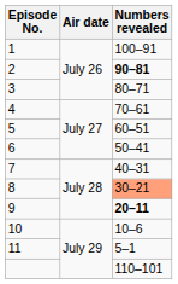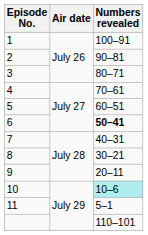 <table class="wikitable">
 <tr>
 <th>Episode<br>No.</th>
 <th>Air date</th>
 <th>Numbers<br>revealed</th>
 </tr>
 <tr>
 <td>1</td>
 <td rowspan=3>July 26</td>
 <td>100–91</td>
 </tr>
 <tr>
 <td>2</td>
-<td><strong>90–81</strong></td>
+<td>90–81</td>
 </tr>
 <tr>
 <td>3</td>
 <td>80–71</td>
 </tr>
 <tr>
 <td>4</td>
 <td rowspan=3>July 27</td>
 <td>70–61</td>
 </tr>
 <tr>
 <td>5</td>
 <td>60–51</td>
 </tr>
 <tr>
 <td>6</td>
-<td>50–41</td>
+<td><strong>50–41</strong></td>
 </tr>
 <tr>
 <td>7</td>
 <td rowspan=3>July 28</td>
 <td>40–31</td>
 </tr>
 <tr>
 <td>8</td>
-<td style="background: lightsalmon;">30–21</td>
+<td>30–21</td>
 </tr>
 <tr>
 <td>9</td>
-<td><strong>20–11</strong></td>
+<td>20–11</td>
 </tr>
 <tr>
 <td>10</td>
 <td rowspan="3">July 29</td>
-<td>10–6</td>
+<td style="background: paleturquoise;">10–6</td>
 </tr>
 <tr>
 <td>11</td>
 <td>5–1</td>
 </tr>
 <tr>
 <td></td>
 <td>110–101</td>
 </tr>
 </table>
